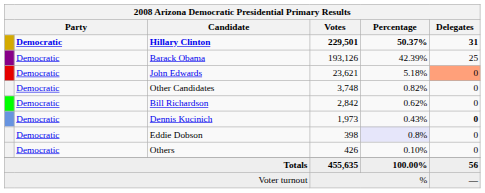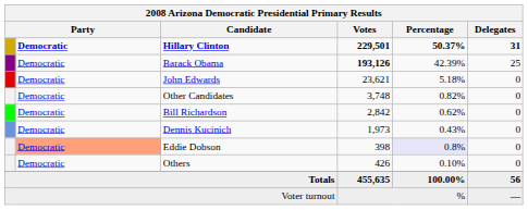 <table class="wikitable" style="font-size:95%;">
 <tr>
 <th colspan="7">2008 Arizona Democratic Presidential Primary Results</th>
 </tr>
 <tr>
 <th colspan="2" style="width: 15em">Party</th>
 <th style="width: 17em">Candidate</th>
 <th style="width: 5em">Votes</th>
 <th style="width: 7em">Percentage</th>
 <th style="width: 5em">Delegates</th>
 </tr>
 <tr>
 <th style="background-color:#d4aa00; width: 3px"></th>
 <td style="width: 130px"><strong><a href='#'>Democratic</a></strong></td>
 <td><strong><a href='#'>Hillary Clinton</a></strong></td>
 <td align="right"><strong>229,501</strong></td>
 <td align="right"><strong>50.37%</strong></td>
 <td align="right"><strong>31</strong></td>
 </tr>
 <tr>
 <th style="background-color:#880088; width: 3px"></th>
 <td style="width: 130px"><a href='#'>Democratic</a></td>
 <td><a href='#'>Barack Obama</a></td>
-<td align="right">193,126</td>
+<td align="right"><strong>193,126</strong></td>
 <td align="right">42.39%</td>
 <td align="right">25</td>
 </tr>
 <tr>
 <th style="background-color:#e50100; width: 3px"></th>
 <td style="width: 130px"><a href='#'>Democratic</a></td>
 <td><a href='#'>John Edwards</a></td>
 <td align="right">23,621</td>
 <td align="right">5.18%</td>
-<td align="right" style="background: lightsalmon;">0</td>
+<td align="right">0</td>
 </tr>
 <tr>
 <th></th>
 <td style="width: 130px"><a href='#'>Democratic</a></td>
 <td>Other Candidates</td>
 <td align="right">3,748</td>
 <td align="right">0.82%</td>
 <td align="right">0</td>
 </tr>
 <tr>
 <th style="background-color:#00FF00; width: 3px"></th>
 <td style="width: 130px"><a href='#'>Democratic</a></td>
 <td><a href='#'>Bill Richardson</a></td>
 <td align="right">2,842</td>
 <td align="right">0.62%</td>
 <td align="right">0</td>
 </tr>
 <tr>
 <th style="background-color:#6794e0; width: 3px"></th>
 <td style="width: 130px"><a href='#'>Democratic</a></td>
 <td><a href='#'>Dennis Kucinich</a></td>
 <td align="right">1,973</td>
 <td align="right">0.43%</td>
-<td align="right"><strong>0</strong></td>
+<td align="right">0</td>
 </tr>
 <tr>
 <th></th>
-<td style="width: 130px"><a href='#'>Democratic</a></td>
+<td style="background: lightsalmon; width: 130px"><a href='#'>Democratic</a></td>
 <td>Eddie Dobson</td>
 <td align="right">398</td>
 <td align="right" style="background: lavender;">0.8%</td>
 <td align="right">0</td>
 </tr>
 <tr>
 <th></th>
 <td style="width: 130px"><a href='#'>Democratic</a></td>
 <td>Others</td>
 <td align="right">426</td>
 <td align="right">0.10%</td>
 <td align="right">0</td>
 </tr>
 <tr>
 </tr>
 <tr bgcolor="#EEEEEE">
 <td colspan="3" align="right"><strong>Totals</strong></td>
 <td align="right"><strong>455,635</strong></td>
 <td align="right"><strong>100.00%</strong></td>
 <td align="right"><strong>56</strong></td>
 </tr>
 <tr bgcolor="#EEEEEE">
 <td colspan="3" align="right">Voter turnout</td>
 <td colspan="2" align="right">%</td>
 <td align="right">—</td>
 </tr>
 </table>
